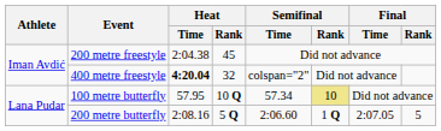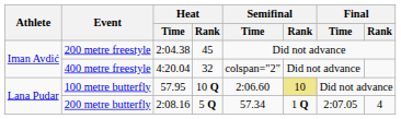 <table class="wikitable" style="text-align:center; font-size:90%">
 <tr>
 <th rowspan="2">Athlete</th>
 <th rowspan="2">Event</th>
 <th colspan="2">Heat</th>
 <th colspan="2">Semifinal</th>
 <th colspan="2">Final</th>
 </tr>
 <tr style="font-size:95%">
 <th>Time</th>
 <th>Rank</th>
 <th>Time</th>
 <th>Rank</th>
 <th>Time</th>
 <th>Rank</th>
 </tr>
 <tr>
 <td align=left rowspan=2><a href='#'>Iman Avdić</a></td>
 <td align=left><a href='#'>200 metre freestyle</a></td>
 <td>2:04.38</td>
 <td>45</td>
 <td colspan="4">Did not advance</td>
 </tr>
 <tr>
 <td align=left><a href='#'>400 metre freestyle</a></td>
-<td><strong>4:20.04</strong></td>
+<td>4:20.04</td>
 <td>32</td>
 <td>colspan="2" </td>
 <td colspan="2">Did not advance</td>
 </tr>
 <tr>
 <td align=left rowspan=2><a href='#'>Lana Pudar</a></td>
 <td align=left><a href='#'>100 metre butterfly</a></td>
 <td>57.95</td>
 <td>10 <strong>Q</strong></td>
-<td>57.34</td>
+<td>2:06.60</td>
 <td style="background: khaki;">10</td>
 <td colspan="2">Did not advance</td>
 </tr>
 <tr>
 <td align=left><a href='#'>200 metre butterfly</a></td>
 <td>2:08.16</td>
 <td>5 <strong>Q</strong></td>
-<td>2:06.60</td>
+<td>57.34</td>
 <td>1 <strong>Q</strong></td>
 <td>2:07.05</td>
-<td>5</td>
+<td>4</td>
 </tr>
 </table>
